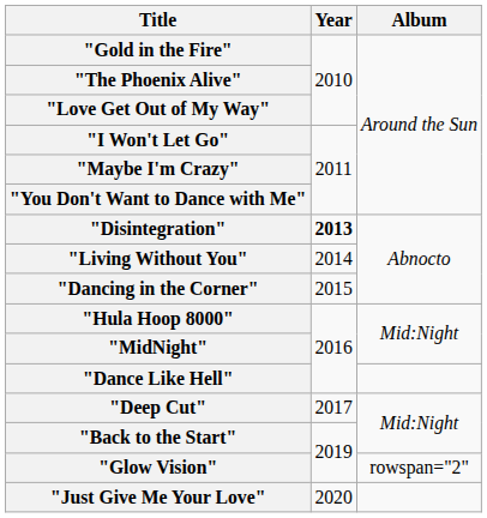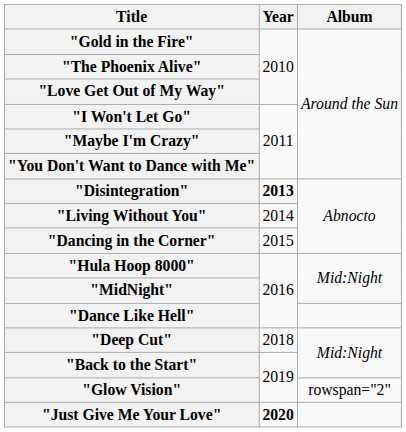 <table class="wikitable plainrowheaders" style="text-align:center;">
 <tr>
 <th scope="col">Title</th>
 <th scope="col">Year</th>
 <th scope="col">Album</th>
 </tr>
 <tr>
 <th scope="row">"Gold in the Fire"</th>
 <td rowspan="3">2010</td>
 <td rowspan="6"><em>Around the Sun</em></td>
 </tr>
 <tr>
 <th scope="row">"The Phoenix Alive"</th>
 </tr>
 <tr>
 <th scope="row">"Love Get Out of My Way"</th>
 </tr>
 <tr>
 <th scope="row">"I Won't Let Go"</th>
 <td rowspan="3">2011</td>
 </tr>
 <tr>
 <th scope="row">"Maybe I'm Crazy"</th>
 </tr>
 <tr>
 <th scope="row">"You Don't Want to Dance with Me"<br></th>
 </tr>
 <tr>
 <th scope="row">"Disintegration"<br></th>
 <td><strong>2013</strong></td>
 <td rowspan="3"><em>Abnocto</em></td>
 </tr>
 <tr>
 <th scope="row">"Living Without You"</th>
 <td>2014</td>
 </tr>
 <tr>
 <th scope="row">"Dancing in the Corner"</th>
 <td>2015</td>
 </tr>
 <tr>
 <th scope="row">"Hula Hoop 8000"</th>
 <td rowspan="3">2016</td>
 <td rowspan="2"><em>Mid:Night</em></td>
 </tr>
 <tr>
 <th scope="row">"MidNight"</th>
 </tr>
 <tr>
 <th scope="row">"Dance Like Hell"</th>
 <td></td>
 </tr>
 <tr>
 <th scope="row">"Deep Cut"</th>
-<td>2017</td>
+<td>2018</td>
 <td rowspan="2"><em>Mid:Night</em></td>
 </tr>
 <tr>
 <th scope="row">"Back to the Start"</th>
 <td rowspan="2">2019</td>
 </tr>
 <tr>
 <th scope="row">"Glow Vision"</th>
 <td>rowspan="2" </td>
 </tr>
 <tr>
 <th scope="row">"Just Give Me Your Love"</th>
-<td>2020</td>
+<td><strong>2020</strong></td>
 </tr>
 </table>
